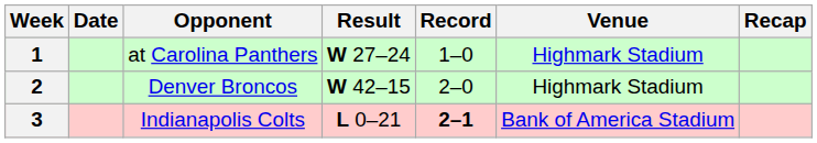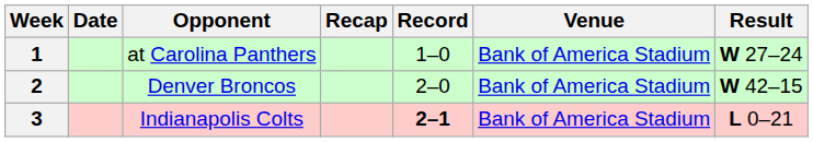 <table class="wikitable" style="text-align:center">
 <tr>
 <th>Week</th>
 <th>Date</th>
 <th>Opponent</th>
-<th>Result</th>
+<th>Recap</th>
 <th>Record</th>
 <th>Venue</th>
-<th>Recap</th>
+<th>Result</th>
 </tr>
 <tr style="background:#cfc">
 <th>1</th>
 <td></td>
 <td>at <a href='#'>Carolina Panthers</a></td>
+<td></td>
+<td>1–0</td>
+<td><a href='#'>Bank of America Stadium</a></td>
 <td><strong>W</strong> 27–24</td>
-<td>1–0</td>
-<td><a href='#'>Highmark Stadium</a></td>
-<td></td>
 </tr>
 <tr style="background:#cfc">
 <th>2</th>
 <td></td>
 <td><a href='#'>Denver Broncos</a></td>
+<td></td>
+<td>2–0</td>
+<td><a href='#'>Bank of America Stadium</a></td>
 <td><strong>W</strong> 42–15</td>
-<td>2–0</td>
-<td>Highmark Stadium</td>
-<td></td>
 </tr>
 <tr style="background:#fcc">
 <th>3</th>
 <td></td>
 <td><a href='#'>Indianapolis Colts</a></td>
-<td><strong>L</strong> 0–21</td>
+<td></td>
 <td><strong>2–1</strong></td>
 <td><a href='#'>Bank of America Stadium</a></td>
-<td></td>
+<td><strong>L</strong> 0–21</td>
 </tr>
 </table>
